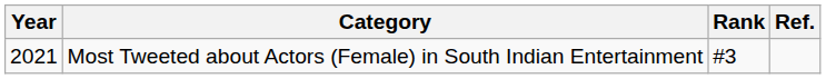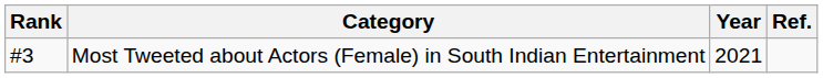 <table class="wikitable">
 <tr>
+<th>Rank</th>
+<th>Category</th>
 <th>Year</th>
-<th>Category</th>
-<th>Rank</th>
 <th>Ref.</th>
 </tr>
 <tr>
+<td>#3</td>
+<td>Most Tweeted about Actors (Female) in South Indian Entertainment</td>
 <td>2021</td>
-<td>Most Tweeted about Actors (Female) in South Indian Entertainment</td>
-<td>#3</td>
 <td></td>
 </tr>
 </table>
